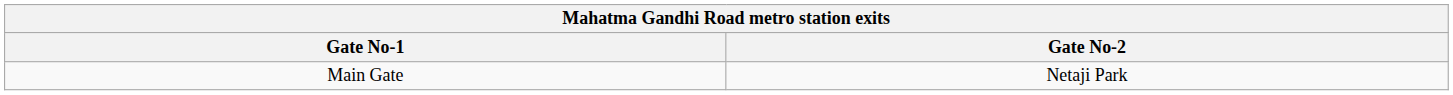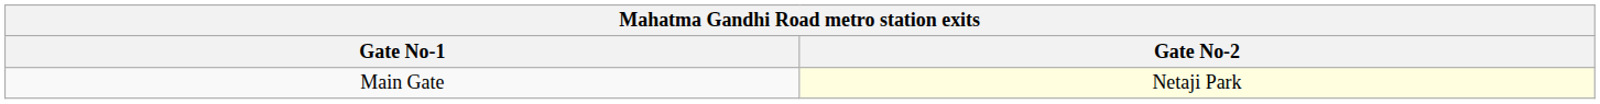 <table class="wikitable"  style="text-align:center; width:65%;">
 <tr>
 <th colspan="3" style="text-align:center;"><span><strong>Mahatma Gandhi Road metro station exits </strong></span></th>
 </tr>
 <tr>
 <th style="width:5%;">Gate No-1</th>
 <th style="width:5%;">Gate No-2</th>
 </tr>
 <tr>
 <td>Main Gate</td>
-<td>Netaji Park</td>
+<td style="background: lightyellow;">Netaji Park</td>
 </tr>
 </table>
